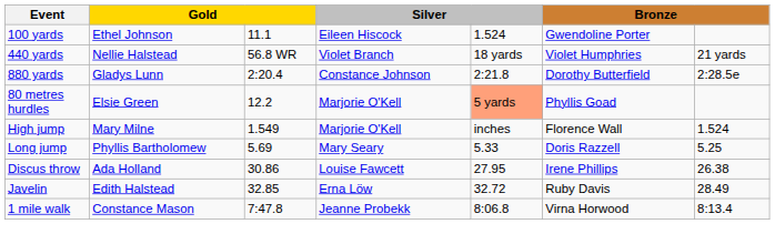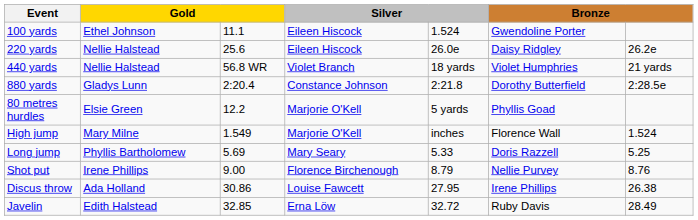 <table class="wikitable" style="text-align:left">
 <tr>
 <th width=100>Event</th>
 <th colspan="2" width="280" style="background:gold;">Gold</th>
 <th colspan="2" width="280" style="background:silver;">Silver</th>
 <th colspan="2" width="280" style="background:#CD7F32;">Bronze</th>
 </tr>
 <tr>
 <td><a href='#'>100 yards</a></td>
 <td><a href='#'>Ethel Johnson</a></td>
 <td>11.1</td>
 <td><a href='#'>Eileen Hiscock</a></td>
 <td>1.524</td>
 <td><a href='#'>Gwendoline Porter</a></td>
 <td></td>
+</tr>
+<tr>
+<td><a href='#'>220 yards</a></td>
+<td><a href='#'>Nellie Halstead</a></td>
+<td>25.6</td>
+<td><a href='#'>Eileen Hiscock</a></td>
+<td>26.0e</td>
+<td><a href='#'>Daisy Ridgley</a></td>
+<td>26.2e</td>
 </tr>
 <tr>
 <td><a href='#'>440 yards</a></td>
 <td><a href='#'>Nellie Halstead</a></td>
 <td>56.8 WR</td>
 <td><a href='#'>Violet Branch</a></td>
 <td>18 yards</td>
 <td><a href='#'>Violet Humphries</a></td>
 <td>21 yards</td>
 </tr>
 <tr>
 <td><a href='#'>880 yards</a></td>
 <td><a href='#'>Gladys Lunn</a></td>
 <td>2:20.4</td>
 <td> <a href='#'>Constance Johnson</a></td>
 <td>2:21.8</td>
 <td><a href='#'>Dorothy Butterfield</a></td>
 <td>2:28.5e</td>
 </tr>
 <tr>
 <td><a href='#'>80 metres hurdles</a></td>
 <td><a href='#'>Elsie Green</a></td>
 <td>12.2</td>
 <td><a href='#'>Marjorie O'Kell</a></td>
-<td style="background: lightsalmon;">5 yards</td>
+<td>5 yards</td>
 <td><a href='#'>Phyllis Goad</a></td>
 <td></td>
 </tr>
 <tr>
 <td><a href='#'>High jump</a></td>
 <td><a href='#'>Mary Milne</a></td>
 <td>1.549</td>
 <td><a href='#'>Marjorie O'Kell</a></td>
 <td>inches</td>
 <td>Florence Wall</td>
 <td>1.524</td>
 </tr>
 <tr>
 <td><a href='#'>Long jump</a></td>
 <td><a href='#'>Phyllis Bartholomew</a></td>
 <td>5.69</td>
 <td><a href='#'>Mary Seary</a></td>
 <td>5.33</td>
 <td><a href='#'>Doris Razzell</a></td>
 <td>5.25</td>
 </tr>
 <tr>
+<td><a href='#'>Shot put</a></td>
+<td><a href='#'>Irene Phillips</a></td>
+<td>9.00</td>
+<td><a href='#'>Florence Birchenough</a></td>
+<td>8.79</td>
+<td><a href='#'>Nellie Purvey</a></td>
+<td>8.76</td>
+</tr>
+<tr>
 <td><a href='#'>Discus throw</a></td>
 <td><a href='#'>Ada Holland</a></td>
 <td>30.86</td>
 <td><a href='#'>Louise Fawcett</a></td>
 <td>27.95</td>
 <td><a href='#'>Irene Phillips</a></td>
 <td>26.38</td>
 </tr>
 <tr>
 <td><a href='#'>Javelin</a></td>
 <td><a href='#'>Edith Halstead</a></td>
 <td>32.85</td>
 <td> <a href='#'>Erna Löw</a></td>
 <td>32.72</td>
 <td>Ruby Davis</td>
 <td>28.49</td>
 </tr>
-<tr>
-<td><a href='#'>1 mile walk</a></td>
-<td><a href='#'>Constance Mason</a></td>
-<td>7:47.8</td>
-<td><a href='#'>Jeanne Probekk</a></td>
-<td>8:06.8</td>
-<td>Virna Horwood</td>
-<td>8:13.4</td>
-</tr>
 </table>
